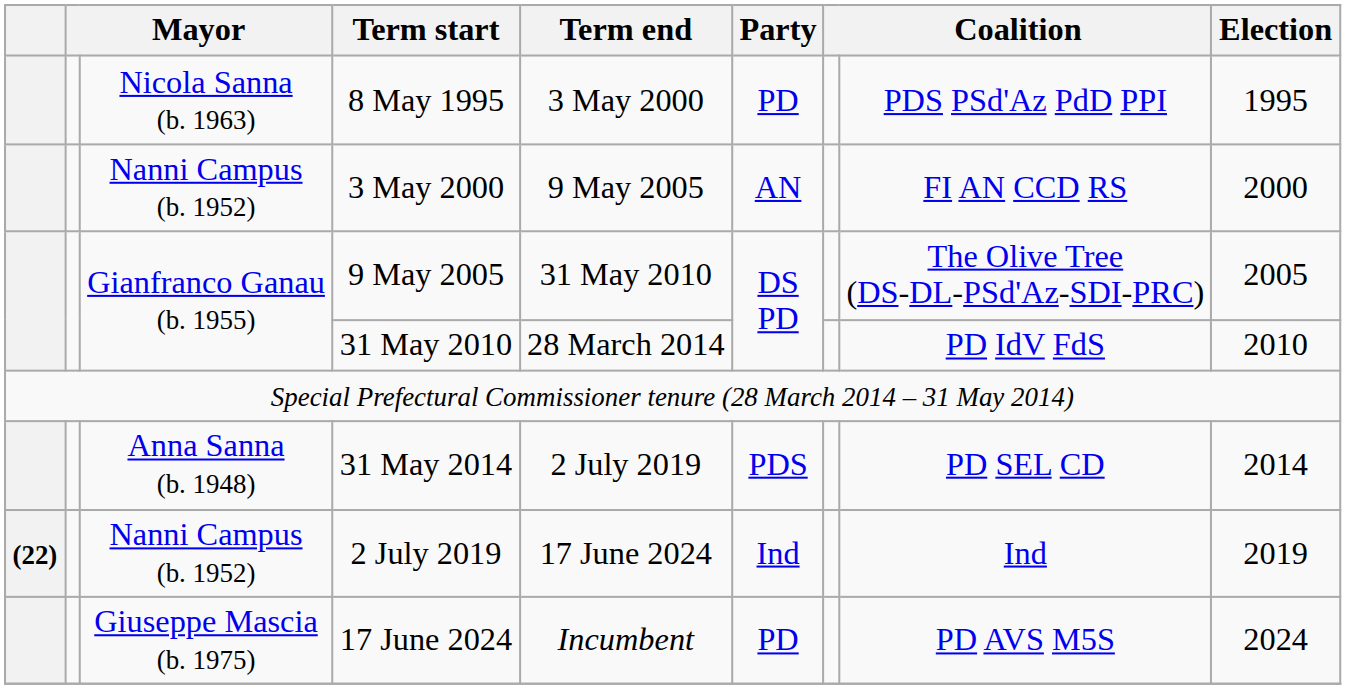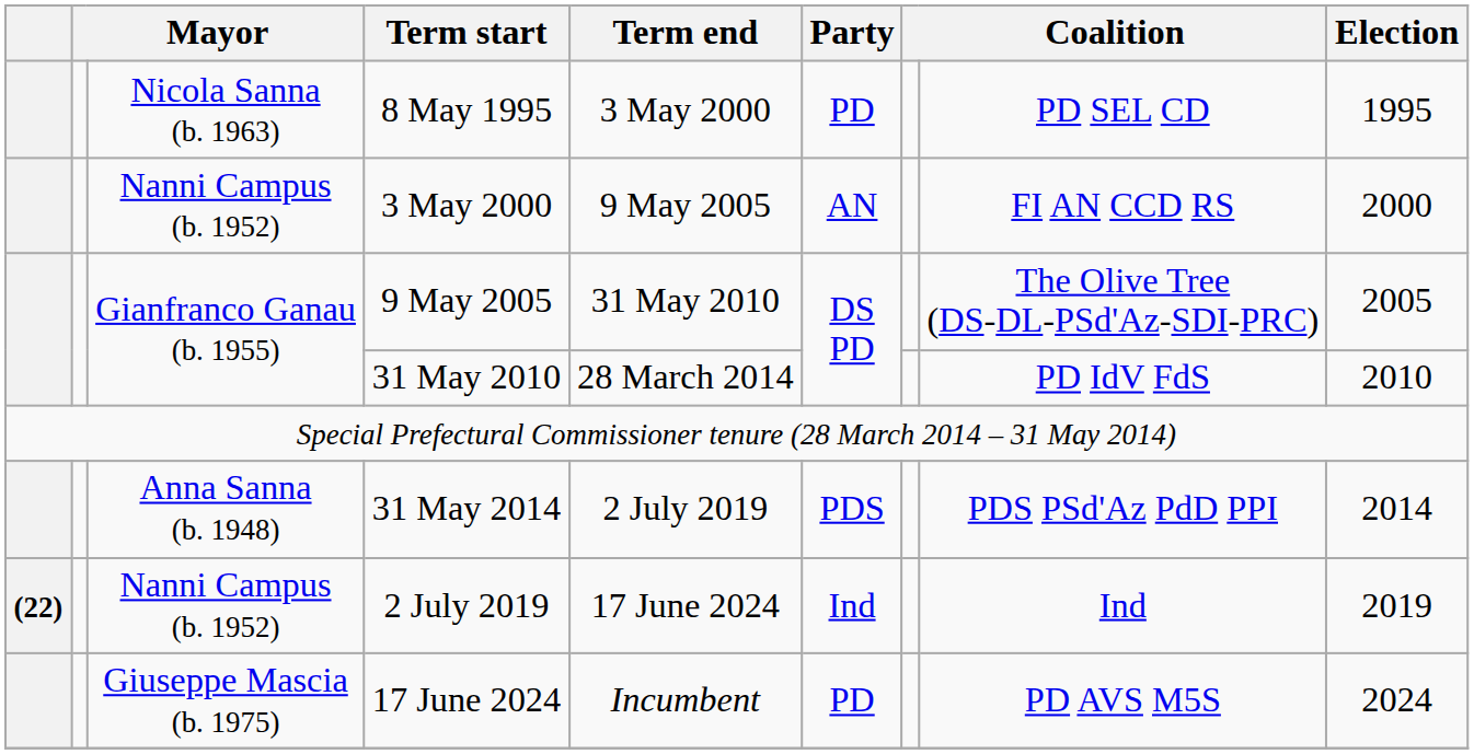 <table class="wikitable" style="text-align: center;">
 <tr>
 <th class=unsortable> </th>
 <th colspan=2>Mayor</th>
 <th>Term start</th>
 <th>Term end</th>
 <th>Party</th>
 <th colspan="2">Coalition</th>
 <th>Election</th>
 </tr>
 <tr>
 <th style="background:"></th>
 <td></td>
 <td><a href='#'>Nicola Sanna</a> <br><small>(b. 1963)</small></td>
 <td>8 May 1995</td>
 <td>3 May 2000</td>
 <td><a href='#'>PD</a></td>
 <td style="background: "></td>
-<td><a href='#'>PDS</a>  <a href='#'>PSd'Az</a>  <a href='#'>PdD</a>  <a href='#'>PPI</a></td>
+<td><a href='#'>PD</a>  <a href='#'>SEL</a>  <a href='#'>CD</a></td>
 <td>1995</td>
 </tr>
 <tr>
 <th style="background:"></th>
 <td></td>
 <td><a href='#'>Nanni Campus</a> <br><small>(b. 1952)</small></td>
 <td>3 May 2000</td>
 <td>9 May 2005</td>
 <td><a href='#'>AN</a></td>
 <td style="background: "></td>
 <td><a href='#'>FI</a>  <a href='#'>AN</a>  <a href='#'>CCD</a>  <a href='#'>RS</a></td>
 <td>2000</td>
 </tr>
 <tr>
 <th rowspan=2 style="background:"></th>
 <td rowspan=2></td>
 <td rowspan=2><a href='#'>Gianfranco Ganau</a> <br><small>(b. 1955)</small></td>
 <td>9 May 2005</td>
 <td>31 May 2010</td>
 <td rowspan=2><a href='#'>DS</a><br><a href='#'>PD</a></td>
 <td style="background: "></td>
 <td><a href='#'>The Olive Tree</a><br>(<a href='#'>DS</a>-<a href='#'>DL</a>-<a href='#'>PSd'Az</a>-<a href='#'>SDI</a>-<a href='#'>PRC</a>)</td>
 <td>2005</td>
 </tr>
 <tr>
 <td>31 May 2010</td>
 <td>28 March 2014</td>
 <td style="background: "></td>
 <td><a href='#'>PD</a>  <a href='#'>IdV</a>  <a href='#'>FdS</a></td>
 <td>2010</td>
 </tr>
 <tr>
 <td colspan=9 align=center><small><em>Special Prefectural Commissioner tenure (28 March 2014 – 31 May 2014)</em></small></td>
 </tr>
 <tr>
 <th style="background:"></th>
 <td></td>
 <td><a href='#'>Anna Sanna</a> <br><small>(b. 1948)</small></td>
 <td>31 May 2014</td>
 <td>2 July 2019</td>
 <td><a href='#'>PDS</a></td>
 <td style="background: "></td>
-<td><a href='#'>PD</a>  <a href='#'>SEL</a>  <a href='#'>CD</a></td>
+<td><a href='#'>PDS</a>  <a href='#'>PSd'Az</a>  <a href='#'>PdD</a>  <a href='#'>PPI</a></td>
 <td>2014</td>
 </tr>
 <tr>
 <th style="background:"><small><strong>(22)</strong></small></th>
 <td></td>
 <td><a href='#'>Nanni Campus</a> <br><small>(b. 1952)</small></td>
 <td>2 July 2019</td>
 <td>17 June 2024</td>
 <td><a href='#'>Ind</a></td>
 <td style="background: "></td>
 <td><a href='#'>Ind</a></td>
 <td>2019</td>
 </tr>
 <tr>
 <th style="background:"></th>
 <td></td>
 <td><a href='#'>Giuseppe Mascia</a> <br><small>(b. 1975)</small></td>
 <td>17 June 2024</td>
 <td><em>Incumbent</em></td>
 <td><a href='#'>PD</a></td>
 <td style="background: "></td>
 <td><a href='#'>PD</a>  <a href='#'>AVS</a>  <a href='#'>M5S</a></td>
 <td>2024</td>
 </tr>
 <tr>
 </tr>
 </table>
